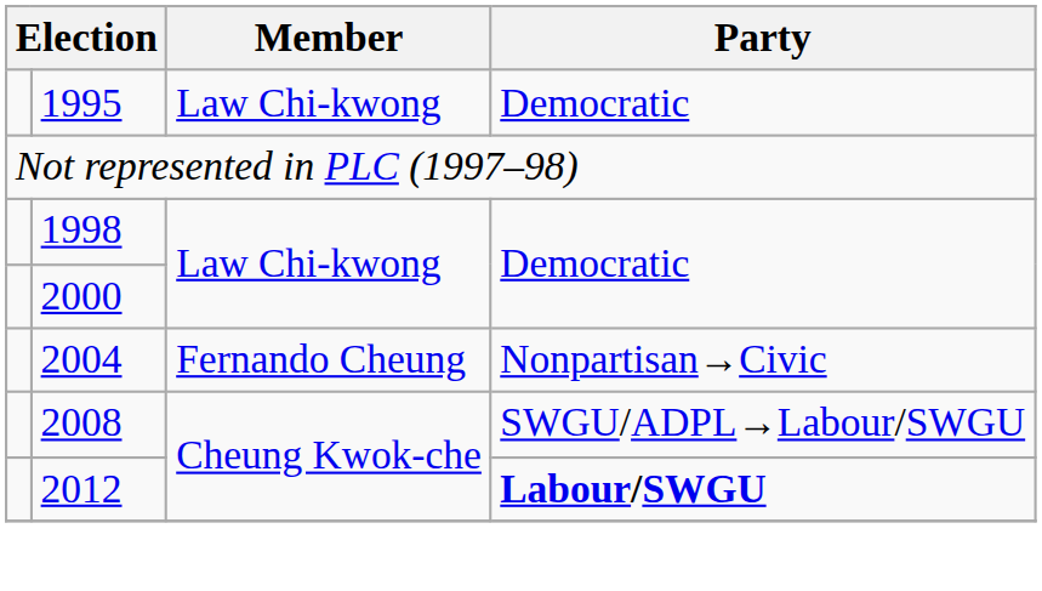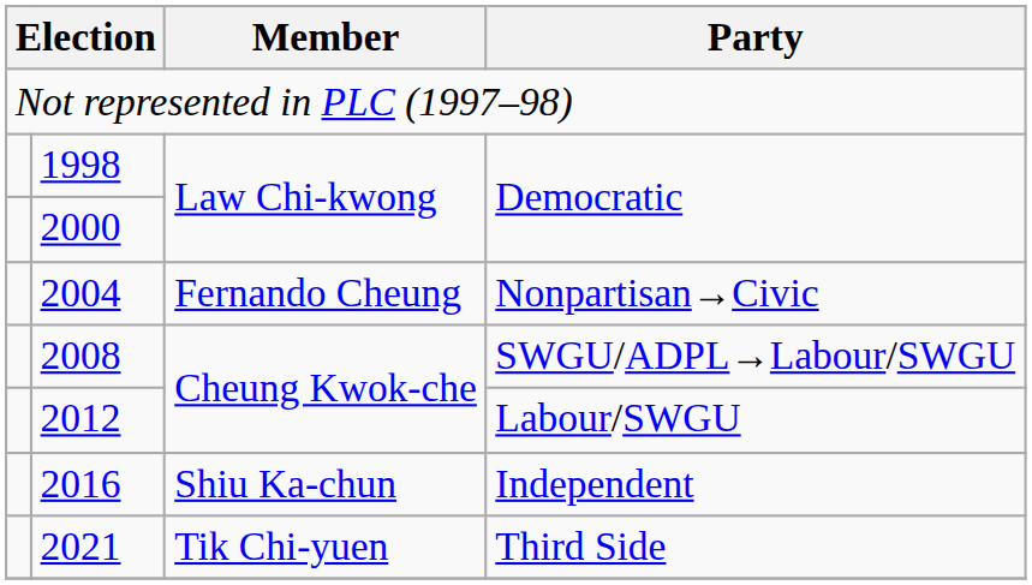 <table class="wikitable">
 <tr>
 <th colspan="2">Election</th>
 <th>Member</th>
 <th>Party</th>
-</tr>
-<tr>
-<td style="background-color: "></td>
-<td><a href='#'>1995</a></td>
-<td><a href='#'>Law Chi-kwong</a></td>
-<td><a href='#'>Democratic</a></td>
 </tr>
 <tr>
 <td colspan="4"><em>Not represented in <a href='#'>PLC</a> (1997–98)</em></td>
 </tr>
 <tr>
 <td style="background-color: "></td>
 <td><a href='#'>1998</a></td>
 <td rowspan=2><a href='#'>Law Chi-kwong</a></td>
 <td rowspan=2><a href='#'>Democratic</a></td>
 </tr>
 <tr>
 <td style="background-color: "></td>
 <td><a href='#'>2000</a></td>
 </tr>
 <tr>
 <td style="background-color: "></td>
 <td><a href='#'>2004</a></td>
 <td rowspan="1"><a href='#'>Fernando Cheung</a></td>
 <td><a href='#'>Nonpartisan</a>→<a href='#'>Civic</a></td>
 </tr>
 <tr>
 <td style="background-color: "></td>
 <td><a href='#'>2008</a></td>
 <td rowspan="2"><a href='#'>Cheung Kwok-che</a></td>
 <td><a href='#'>SWGU</a>/<a href='#'>ADPL</a>→<a href='#'>Labour</a>/<a href='#'>SWGU</a></td>
 </tr>
 <tr>
 <td style="background-color: "></td>
 <td><a href='#'>2012</a></td>
-<td><strong><a href='#'>Labour</a>/<a href='#'>SWGU</a></strong></td>
+<td><a href='#'>Labour</a>/<a href='#'>SWGU</a></td>
+</tr>
+<tr>
+<td style="background-color: "></td>
+<td><a href='#'>2016</a></td>
+<td><a href='#'>Shiu Ka-chun</a></td>
+<td><a href='#'>Independent</a></td>
+</tr>
+<tr>
+<td bgcolor=></td>
+<td><a href='#'>2021</a></td>
+<td><a href='#'>Tik Chi-yuen</a></td>
+<td><a href='#'>Third Side</a></td>
 </tr>
 <tr>
 </tr>
 </table>
